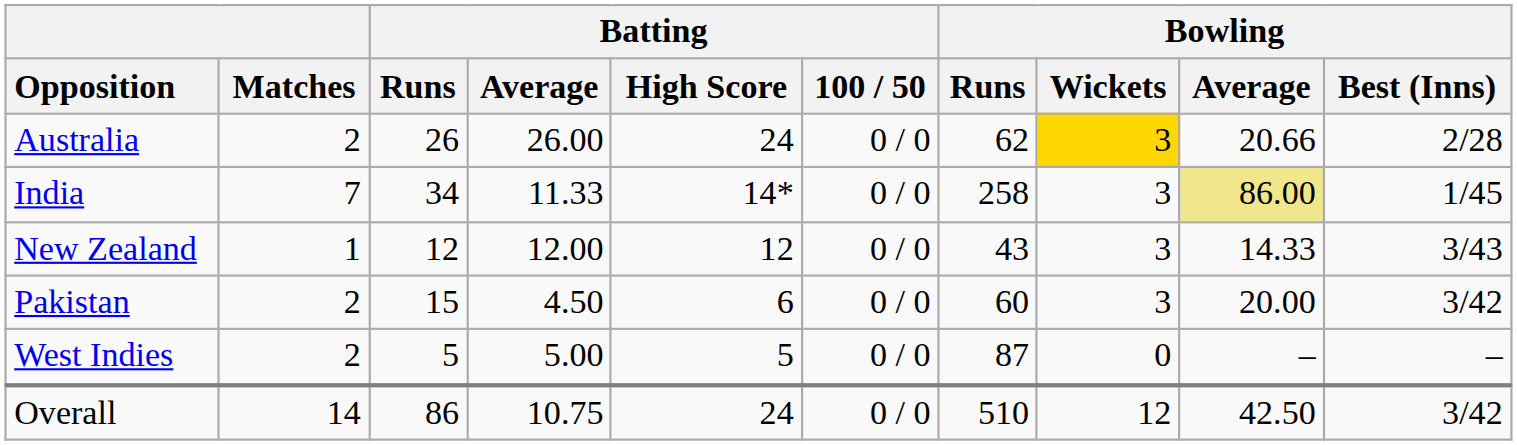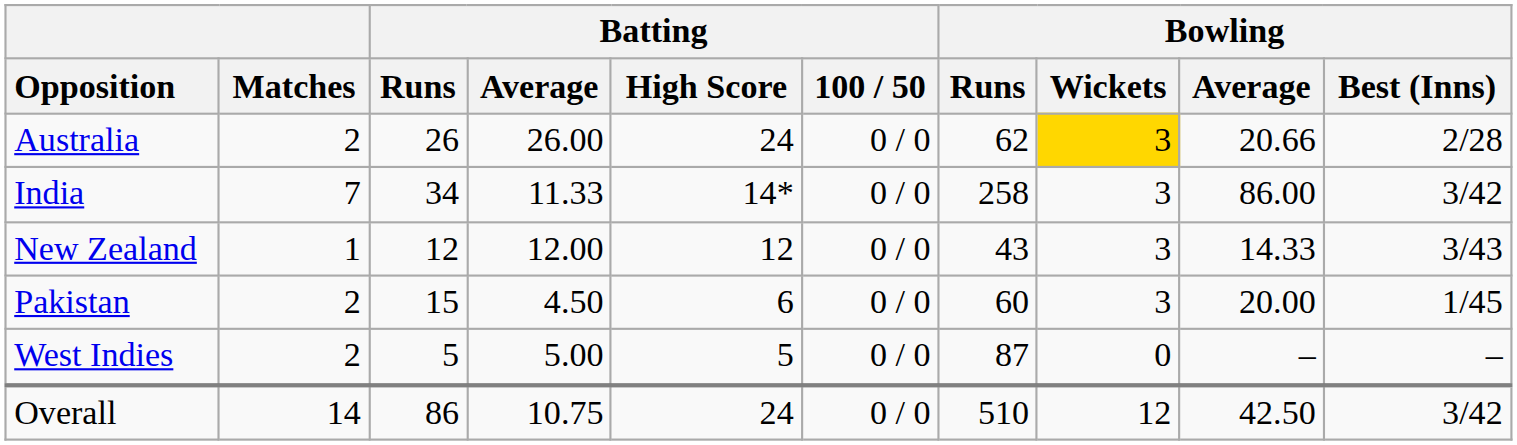 <table class="wikitable"  style="margin:1em auto 1em auto; width:80%;">
 <tr>
 <th colspan=2> </th>
 <th colspan=4>Batting</th>
 <th colspan=4>Bowling</th>
 </tr>
 <tr>
 <th style="text-align:left;">Opposition</th>
 <th>Matches</th>
 <th>Runs</th>
 <th>Average</th>
 <th>High Score</th>
 <th>100 / 50</th>
 <th>Runs</th>
 <th>Wickets</th>
 <th>Average</th>
 <th>Best (Inns)</th>
 </tr>
 <tr style="text-align:right;">
 <td style="text-align:left;"><a href='#'>Australia</a></td>
 <td>2</td>
 <td>26</td>
 <td>26.00</td>
 <td>24</td>
 <td>0 / 0</td>
 <td>62</td>
 <td style="background: gold;">3</td>
 <td>20.66</td>
 <td>2/28</td>
 </tr>
 <tr style="text-align:right;">
 <td style="text-align:left;"><a href='#'>India</a></td>
 <td>7</td>
 <td>34</td>
 <td>11.33</td>
 <td>14*</td>
 <td>0 / 0</td>
 <td>258</td>
 <td>3</td>
-<td style="background: khaki;">86.00</td>
-<td>1/45</td>
+<td>86.00</td>
+<td>3/42</td>
 </tr>
 <tr style="text-align:right;">
 <td style="text-align:left;"><a href='#'>New Zealand</a></td>
 <td>1</td>
 <td>12</td>
 <td>12.00</td>
 <td>12</td>
 <td>0 / 0</td>
 <td>43</td>
 <td>3</td>
 <td>14.33</td>
 <td>3/43</td>
 </tr>
 <tr style="text-align:right;">
 <td style="text-align:left;"><a href='#'>Pakistan</a></td>
 <td>2</td>
 <td>15</td>
 <td>4.50</td>
 <td>6</td>
 <td>0 / 0</td>
 <td>60</td>
 <td>3</td>
 <td>20.00</td>
-<td>3/42</td>
+<td>1/45</td>
 </tr>
 <tr style="text-align:right;">
 <td style="text-align:left;"><a href='#'>West Indies</a></td>
 <td>2</td>
 <td>5</td>
 <td>5.00</td>
 <td>5</td>
 <td>0 / 0</td>
 <td>87</td>
 <td>0</td>
 <td>–</td>
 <td>–</td>
 </tr>
 <tr style="text-align:right; border-top:solid 2px grey;">
 <td style="text-align:left;">Overall</td>
 <td>14</td>
 <td>86</td>
 <td>10.75</td>
 <td>24</td>
 <td>0 / 0</td>
 <td>510</td>
 <td>12</td>
 <td>42.50</td>
 <td>3/42</td>
 </tr>
 </table>
